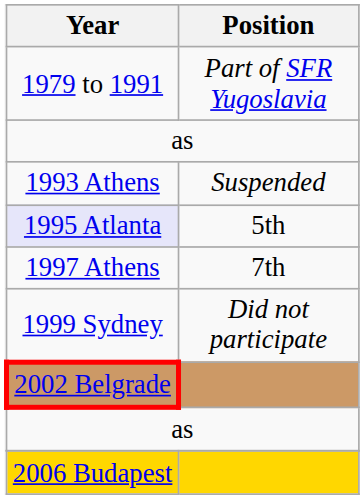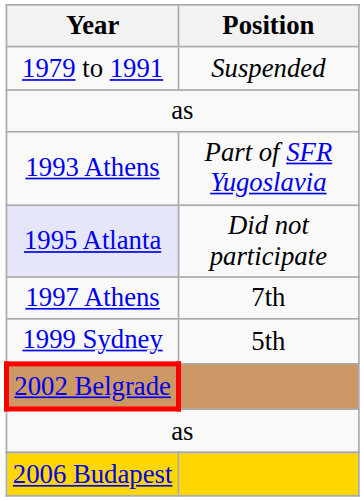 <table class="wikitable" style="text-align: center;">
 <tr>
 <th>Year</th>
 <th width="100">Position</th>
 </tr>
 <tr>
 <td style="text-align: middle;"><a href='#'>1979</a> to <a href='#'>1991</a></td>
-<td><em>Part of <a href='#'>SFR Yugoslavia</a></em></td>
+<td><em>Suspended</em></td>
 </tr>
 <tr>
 <td colspan=2>as <strong></strong></td>
 </tr>
 <tr>
 <td> <a href='#'>1993 Athens</a></td>
-<td><em>Suspended</em></td>
+<td><em>Part of <a href='#'>SFR Yugoslavia</a></em></td>
 </tr>
 <tr>
 <td style="background: lavender;"> <a href='#'>1995 Atlanta</a></td>
-<td>5th</td>
+<td><em>Did not participate</em></td>
 </tr>
 <tr>
 <td> <a href='#'>1997 Athens</a></td>
 <td>7th</td>
 </tr>
 <tr>
 <td> <a href='#'>1999 Sydney</a></td>
-<td><em>Did not participate</em></td>
+<td>5th</td>
 </tr>
 <tr bgcolor=cc9966>
 <td style="border: 3px solid red"> <a href='#'>2002 Belgrade</a></td>
 <td></td>
 </tr>
 <tr>
 <td colspan=2>as <strong></strong></td>
 </tr>
 <tr>
 </tr>
 <tr bgcolor=gold>
 <td> <a href='#'>2006 Budapest</a></td>
 <td></td>
 </tr>
 </table>
